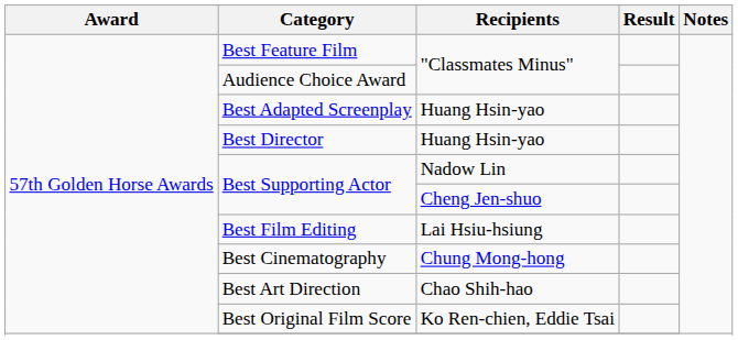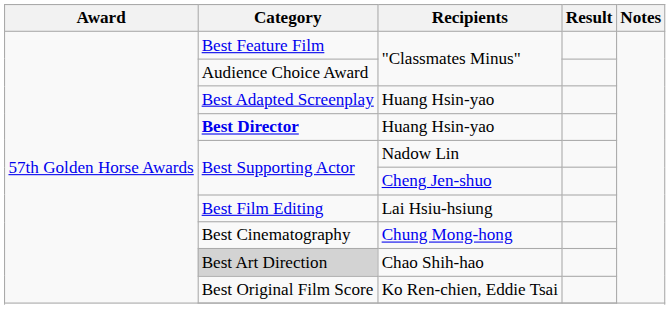 <table class="wikitable">
 <tr>
 <th>Award</th>
 <th>Category</th>
 <th>Recipients</th>
 <th>Result</th>
 <th>Notes</th>
 </tr>
 <tr>
 <td rowspan=11><a href='#'>57th Golden Horse Awards</a></td>
 <td><a href='#'>Best Feature Film</a></td>
 <td rowspan=2>"Classmates Minus"</td>
 <td></td>
 <td rowspan=11></td>
 </tr>
 <tr>
 <td>Audience Choice Award</td>
 <td></td>
 </tr>
 <tr>
 <td><a href='#'>Best Adapted Screenplay</a></td>
 <td>Huang Hsin-yao</td>
 <td></td>
 </tr>
 <tr>
-<td><a href='#'>Best Director</a></td>
+<td><strong><a href='#'>Best Director</a></strong></td>
 <td>Huang Hsin-yao</td>
 <td></td>
 </tr>
 <tr>
 <td rowspan=2><a href='#'>Best Supporting Actor</a></td>
 <td>Nadow Lin</td>
 <td></td>
 </tr>
 <tr>
 <td><a href='#'>Cheng Jen-shuo</a></td>
 <td></td>
 </tr>
 <tr>
 <td><a href='#'>Best Film Editing</a></td>
 <td>Lai Hsiu-hsiung</td>
 <td></td>
 </tr>
 <tr>
 <td>Best Cinematography</td>
 <td><a href='#'>Chung Mong-hong</a></td>
 <td></td>
 </tr>
 <tr>
-<td>Best Art Direction</td>
+<td style="background: lightgrey;">Best Art Direction</td>
 <td>Chao Shih-hao</td>
 <td></td>
 </tr>
 <tr>
 <td>Best Original Film Score</td>
 <td>Ko Ren-chien, Eddie Tsai</td>
 <td></td>
 </tr>
 <tr>
 </tr>
 </table>
